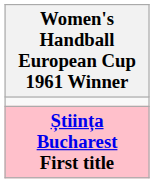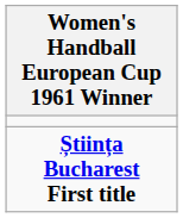 <table class="wikitable" style="text-align: center; margin: 0 auto; width: 20%">
 <tr>
 <th>Women's Handball European Cup <br>1961 Winner</th>
 </tr>
 <tr>
 <td></td>
 </tr>
 <tr>
-<td style="background: pink;"><strong> <a href='#'>Știința Bucharest</a></strong><br><strong>First title</strong> <br></td>
+<td><strong> <a href='#'>Știința Bucharest</a></strong><br><strong>First title</strong> <br></td>
 </tr>
 </table>
